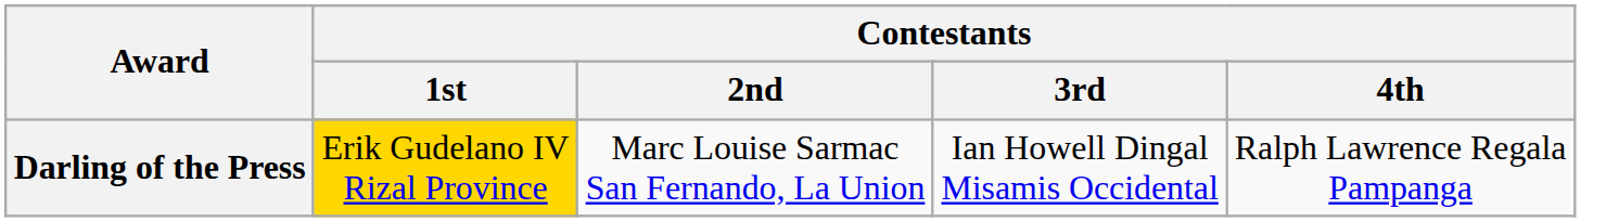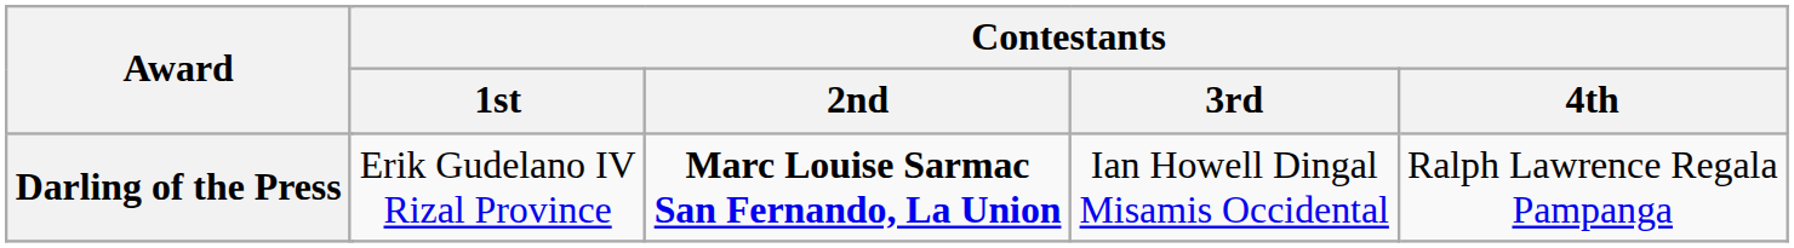 <table class="wikitable" style="font-size: 85%;">
 <tr>
 <th colspan="2" rowspan="2">Award</th>
 <th colspan="4">Contestants</th>
 </tr>
 <tr>
 <th>1st</th>
 <th>2nd</th>
 <th>3rd</th>
 <th>4th</th>
 </tr>
 <tr>
 <th colspan="2">Darling of the Press</th>
-<td align="center" style="background: gold;">Erik Gudelano IV<br><a href='#'>Rizal Province</a></td>
-<td align="center">Marc Louise Sarmac<br><a href='#'>San Fernando, La Union</a></td>
+<td align="center">Erik Gudelano IV<br><a href='#'>Rizal Province</a></td>
+<td align="center"><strong>Marc Louise Sarmac<br><a href='#'>San Fernando, La Union</a></strong></td>
 <td align="center">Ian Howell Dingal<br><a href='#'>Misamis Occidental</a></td>
 <td align="center">Ralph Lawrence Regala<br><a href='#'>Pampanga</a></td>
 </tr>
 </table>
